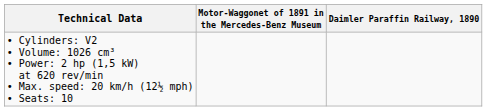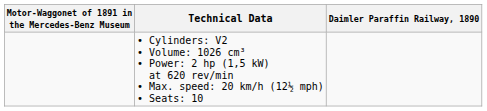 <table class="wikitable">
 <tr>
+<th><small>Motor-Waggonet of 1891 in<br>the Mercedes-Benz Museum</small></th>
 <th>Technical Data</th>
-<th><small>Motor-Waggonet of 1891 in<br>the Mercedes-Benz Museum</small></th>
 <th><small>Daimler Paraffin Railway, 1890</small></th>
 </tr>
 <tr>
+<td></td>
 <td>• Cylinders: V2<br>• Volume: 1026 cm³<br>• Power: 2 hp (1,5 kW)<br>  at 620 rev/min<br>• Max. speed: 20 km/h (12½ mph)<br>• Seats: 10</td>
-<td></td>
 <td></td>
 </tr>
 </table>
